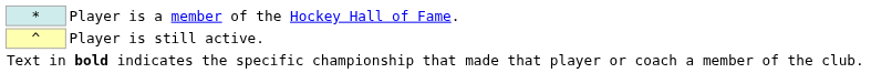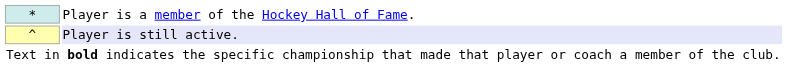 <table>
 <tr>
 <td bgcolor="#CFECEC" style="border:solid 1px #AAAAAA" align=center> * </td>
 <td>Player is a <a href='#'>member</a> of the <a href='#'>Hockey Hall of Fame</a>.</td>
 </tr>
 <tr>
 <td bgcolor="#FFFFB0" style="border:solid 1px #AAAAAA" align=center> ^ </td>
-<td>Player is still active.</td>
+<td style="background: lavender;">Player is still active.</td>
 </tr>
 <tr>
 <td colspan=2>Text in <strong>bold</strong> indicates the specific championship that made that player or coach a member of the club.</td>
 </tr>
 </table>
